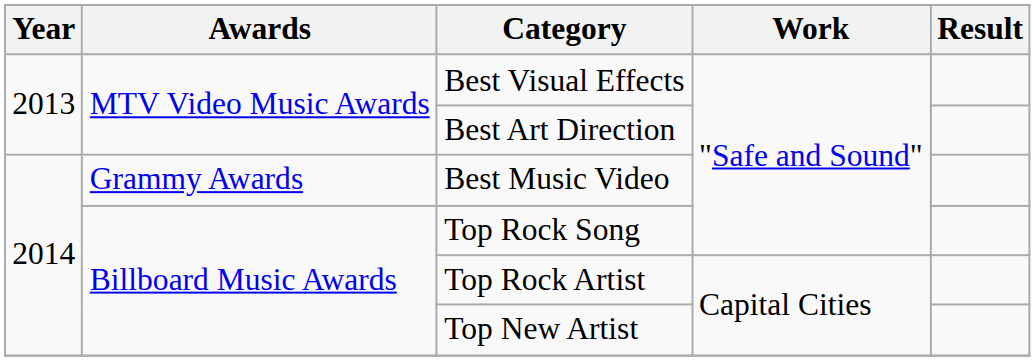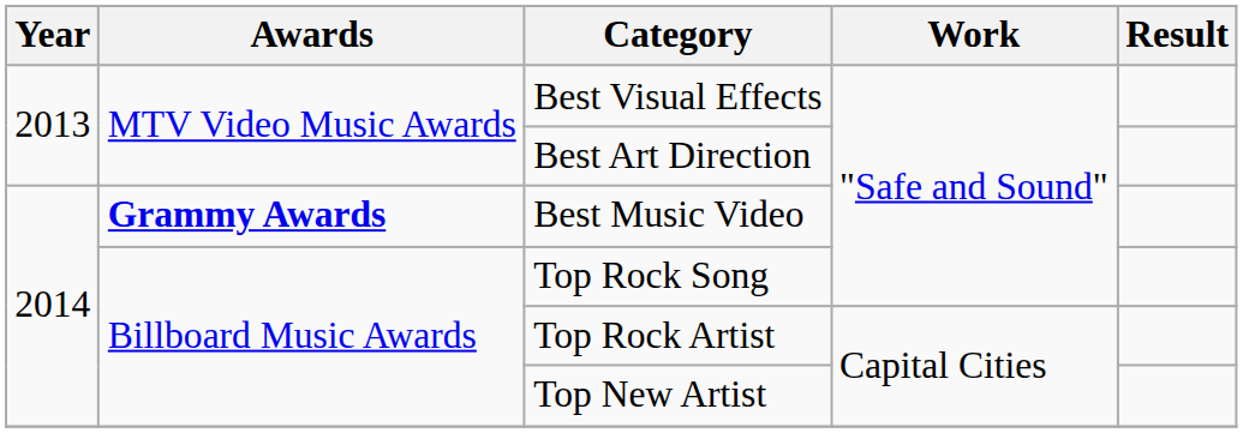 <table class="wikitable sortable">
 <tr>
 <th>Year</th>
 <th>Awards</th>
 <th>Category</th>
 <th>Work</th>
 <th>Result</th>
 </tr>
 <tr>
 <td rowspan="2">2013</td>
 <td rowspan="2"><a href='#'>MTV Video Music Awards</a></td>
 <td>Best Visual Effects</td>
 <td rowspan="4">"<a href='#'>Safe and Sound</a>"</td>
 <td></td>
 </tr>
 <tr>
 <td>Best Art Direction</td>
 <td></td>
 </tr>
 <tr>
 <td rowspan="4">2014</td>
-<td><a href='#'>Grammy Awards</a></td>
+<td><strong><a href='#'>Grammy Awards</a></strong></td>
 <td>Best Music Video</td>
 <td></td>
 </tr>
 <tr>
 <td rowspan="3"><a href='#'>Billboard Music Awards</a></td>
 <td>Top Rock Song</td>
 <td></td>
 </tr>
 <tr>
 <td>Top Rock Artist</td>
 <td rowspan="2">Capital Cities</td>
 <td></td>
 </tr>
 <tr>
 <td>Top New Artist</td>
 <td></td>
 </tr>
 <tr>
 </tr>
 </table>
